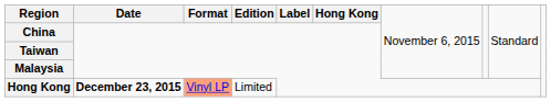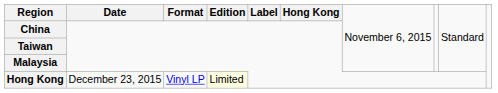 <table class="wikitable plainrowheaders">
 <tr>
 <th scope="col">Region</th>
 <th scope="col">Date</th>
 <th scope="col">Format</th>
 <th scope="col">Edition</th>
 <th scope="col">Label</th>
 <th scope="row">Hong Kong</th>
 <td rowspan="4">November 6, 2015</td>
 <td rowspan="4"></td>
 <td rowspan="4">Standard</td>
 <td rowspan="5"></td>
 </tr>
 <tr>
 <th scope="row">China</th>
 </tr>
 <tr>
 <th scope="row">Taiwan</th>
 </tr>
 <tr>
 <th scope="row">Malaysia</th>
 </tr>
 <tr>
 <th scope="row">Hong Kong</th>
-<td><strong>December 23, 2015</strong></td>
-<td style="background: lightsalmon;"><a href='#'>Vinyl LP</a></td>
-<td>Limited</td>
+<td>December 23, 2015</td>
+<td><a href='#'>Vinyl LP</a></td>
+<td style="background: lightyellow;">Limited</td>
 </tr>
 </table>
